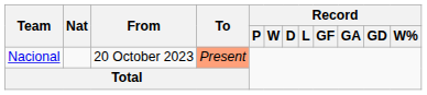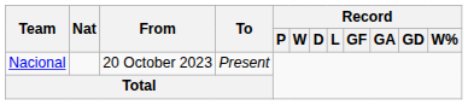 <table class="wikitable" style="text-align:center">
 <tr>
 <th rowspan="2">Team</th>
 <th rowspan="2">Nat</th>
 <th rowspan="2">From</th>
 <th rowspan="2">To</th>
 <th colspan="8">Record</th>
 </tr>
 <tr>
 <th>P</th>
 <th>W</th>
 <th>D</th>
 <th>L</th>
 <th>GF</th>
 <th>GA</th>
 <th>GD</th>
 <th>W%</th>
 </tr>
 <tr>
 <td align=left><a href='#'>Nacional</a></td>
 <td></td>
 <td align=left>20 October 2023</td>
-<td align=left style="background: lightsalmon;"><em>Present</em><br></td>
+<td align=left><em>Present</em><br></td>
 </tr>
 <tr>
 <th colspan="4">Total<br></th>
 </tr>
 </table>
